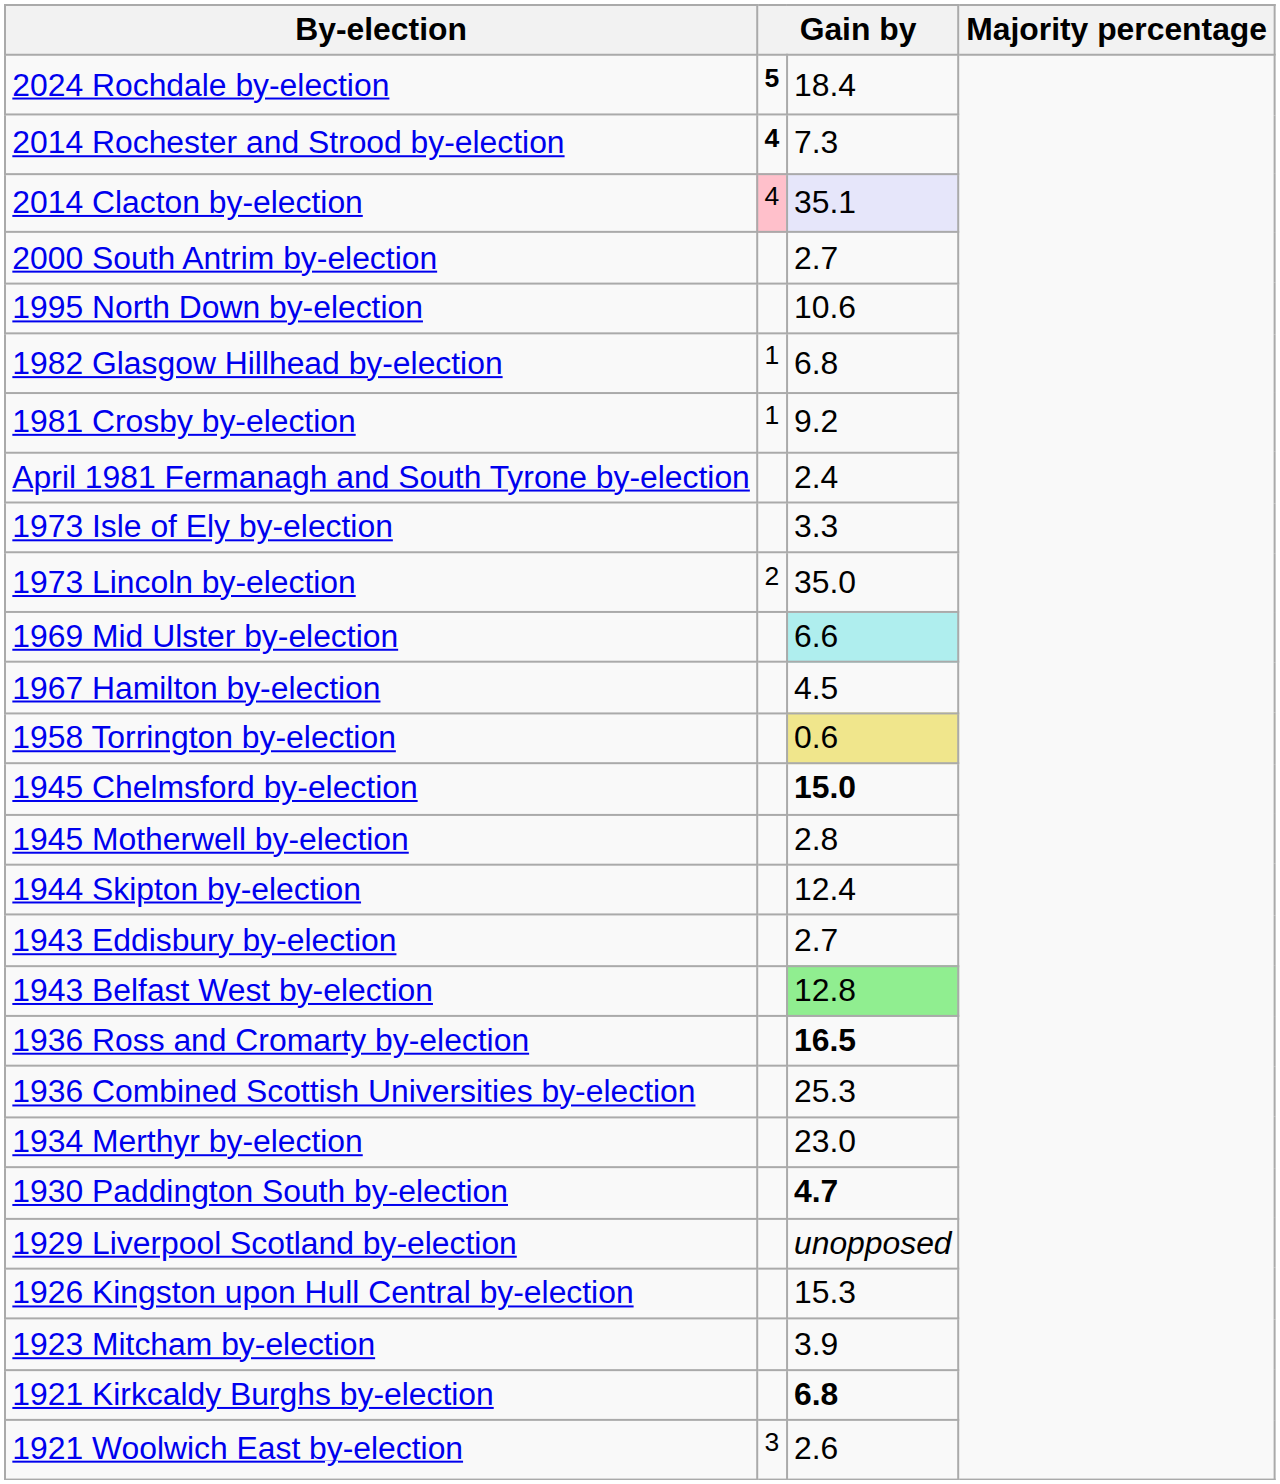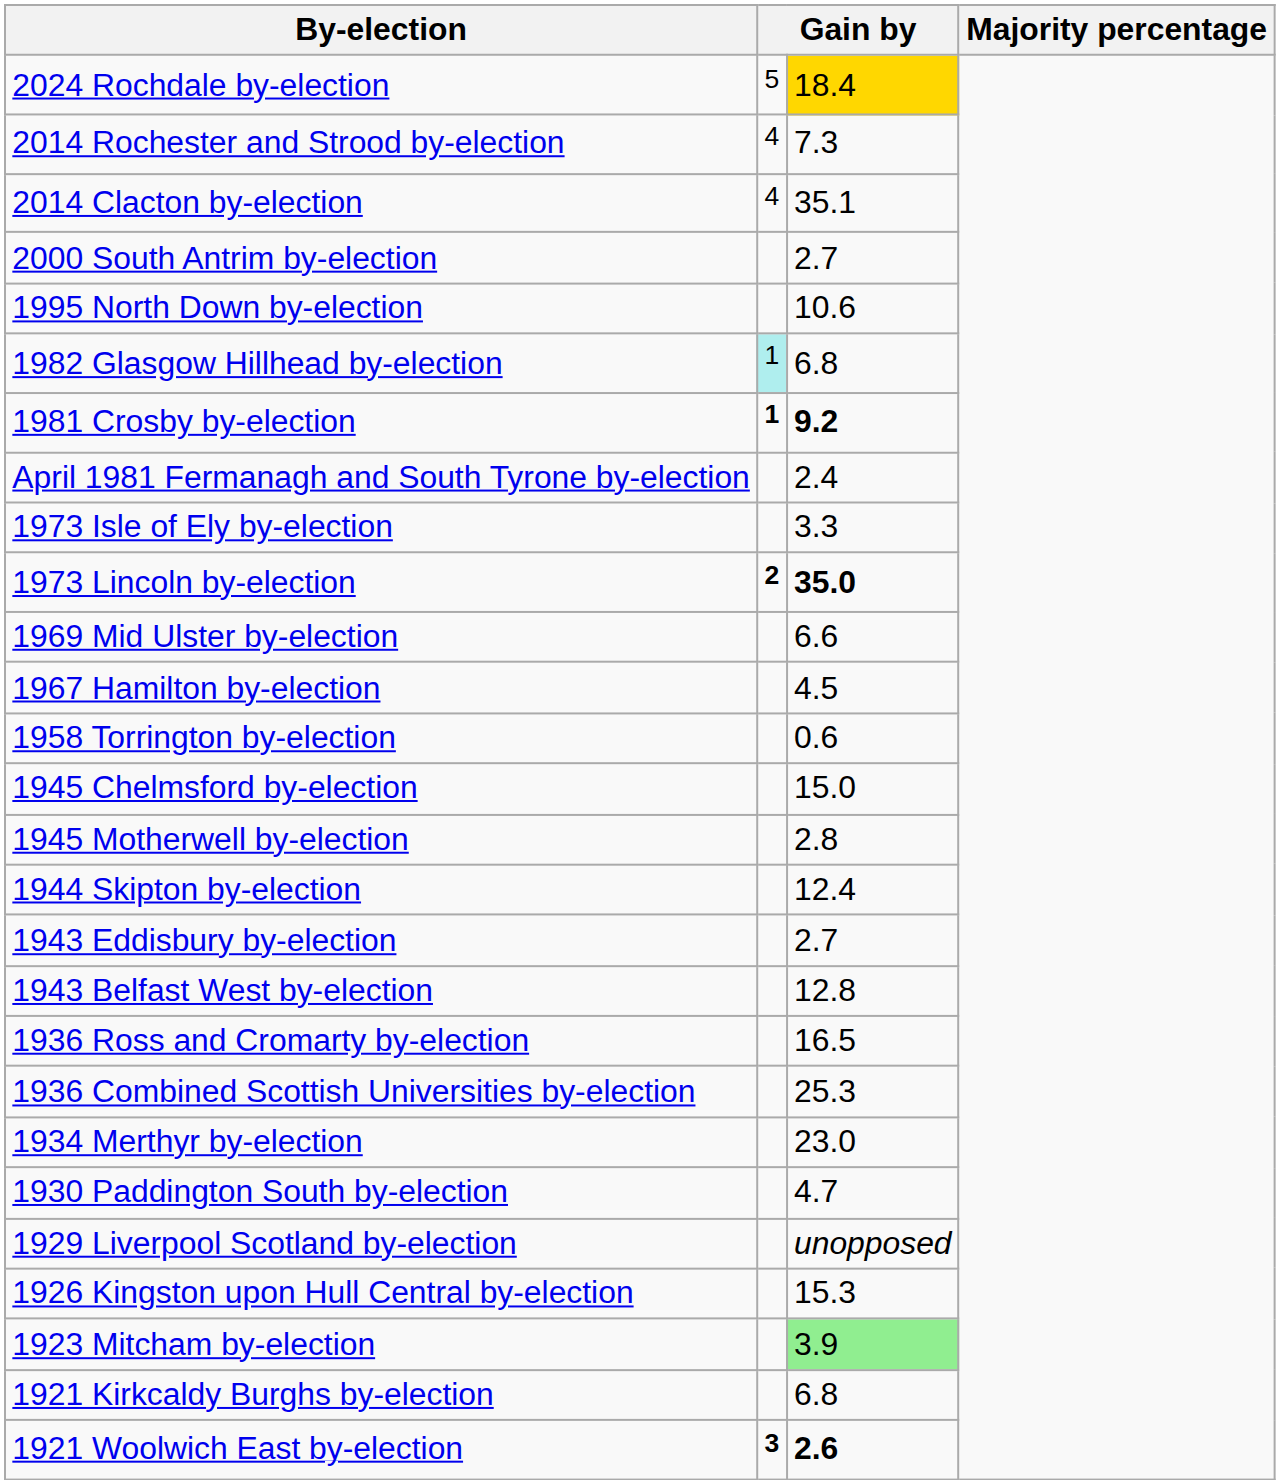 <table class="wikitable">
 <tr>
 <th>By-election</th>
 <th !scope="col" colspan=2>Gain by</th>
 <th>Majority percentage</th>
 </tr>
 <tr>
 <td><a href='#'>2024 Rochdale by-election</a></td>
-<td><strong><sup>5</sup></strong></td>
-<td>18.4</td>
+<td><sup>5</sup></td>
+<td style="background: gold;">18.4</td>
 </tr>
 <tr>
 <td><a href='#'>2014 Rochester and Strood by-election</a></td>
-<td><strong><sup>4</sup></strong></td>
+<td><sup>4</sup></td>
 <td>7.3</td>
 </tr>
 <tr>
 <td><a href='#'>2014 Clacton by-election</a></td>
-<td style="background: pink;"><sup>4</sup></td>
-<td style="background: lavender;">35.1</td>
+<td><sup>4</sup></td>
+<td>35.1</td>
 </tr>
 <tr>
 <td><a href='#'>2000 South Antrim by-election</a></td>
 <td></td>
 <td>2.7</td>
 </tr>
 <tr>
 <td><a href='#'>1995 North Down by-election</a></td>
 <td></td>
 <td>10.6</td>
 </tr>
 <tr>
 <td><a href='#'>1982 Glasgow Hillhead by-election</a></td>
-<td><sup>1</sup></td>
+<td style="background: paleturquoise;"><sup>1</sup></td>
 <td>6.8</td>
 </tr>
 <tr>
 <td><a href='#'>1981 Crosby by-election</a></td>
-<td><sup>1</sup></td>
-<td>9.2</td>
+<td><strong><sup>1</sup></strong></td>
+<td><strong>9.2</strong></td>
 </tr>
 <tr>
 <td><a href='#'>April 1981 Fermanagh and South Tyrone by-election</a></td>
 <td></td>
 <td>2.4</td>
 </tr>
 <tr>
 <td><a href='#'>1973 Isle of Ely by-election</a></td>
 <td></td>
 <td>3.3</td>
 </tr>
 <tr>
 <td><a href='#'>1973 Lincoln by-election</a></td>
-<td><sup>2</sup></td>
-<td>35.0</td>
+<td><strong><sup>2</sup></strong></td>
+<td><strong>35.0</strong></td>
 </tr>
 <tr>
 <td><a href='#'>1969 Mid Ulster by-election</a></td>
 <td></td>
-<td style="background: paleturquoise;">6.6</td>
+<td>6.6</td>
 </tr>
 <tr>
 <td><a href='#'>1967 Hamilton by-election</a></td>
 <td></td>
 <td>4.5</td>
 </tr>
 <tr>
 <td><a href='#'>1958 Torrington by-election</a></td>
 <td></td>
-<td style="background: khaki;">0.6</td>
+<td>0.6</td>
 </tr>
 <tr>
 <td><a href='#'>1945 Chelmsford by-election</a></td>
 <td></td>
-<td><strong>15.0</strong></td>
+<td>15.0</td>
 </tr>
 <tr>
 <td><a href='#'>1945 Motherwell by-election</a></td>
 <td></td>
 <td>2.8</td>
 </tr>
 <tr>
 <td><a href='#'>1944 Skipton by-election</a></td>
 <td></td>
 <td>12.4</td>
 </tr>
 <tr>
 <td><a href='#'>1943 Eddisbury by-election</a></td>
 <td></td>
 <td>2.7</td>
 </tr>
 <tr>
 <td><a href='#'>1943 Belfast West by-election</a></td>
 <td></td>
-<td style="background: lightgreen;">12.8</td>
+<td>12.8</td>
 </tr>
 <tr>
 <td><a href='#'>1936 Ross and Cromarty by-election</a></td>
 <td></td>
-<td><strong>16.5</strong></td>
+<td>16.5</td>
 </tr>
 <tr>
 <td><a href='#'>1936 Combined Scottish Universities by-election</a></td>
 <td></td>
 <td>25.3</td>
 </tr>
 <tr>
 <td><a href='#'>1934 Merthyr by-election</a></td>
 <td></td>
 <td>23.0</td>
 </tr>
 <tr>
 <td><a href='#'>1930 Paddington South by-election</a></td>
 <td></td>
-<td><strong>4.7</strong></td>
+<td>4.7</td>
 </tr>
 <tr>
 <td><a href='#'>1929 Liverpool Scotland by-election</a></td>
 <td></td>
 <td><em>unopposed</em></td>
 </tr>
 <tr>
 <td><a href='#'>1926 Kingston upon Hull Central by-election</a></td>
 <td></td>
 <td>15.3</td>
 </tr>
 <tr>
 <td><a href='#'>1923 Mitcham by-election</a></td>
 <td></td>
-<td>3.9</td>
+<td style="background: lightgreen;">3.9</td>
 </tr>
 <tr>
 <td><a href='#'>1921 Kirkcaldy Burghs by-election</a></td>
 <td></td>
-<td><strong>6.8</strong></td>
+<td>6.8</td>
 </tr>
 <tr>
 <td><a href='#'>1921 Woolwich East by-election</a></td>
-<td><sup>3</sup></td>
-<td>2.6</td>
+<td><strong><sup>3</sup></strong></td>
+<td><strong>2.6</strong></td>
 </tr>
 </table>
